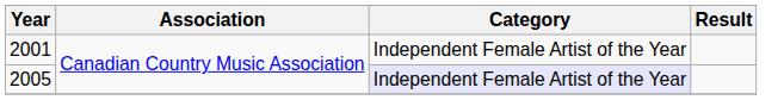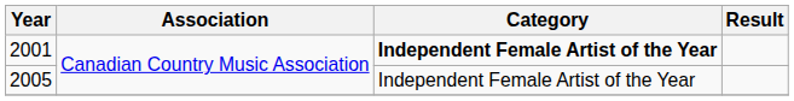 <table class="wikitable">
 <tr>
 <th>Year</th>
 <th>Association</th>
 <th>Category</th>
 <th>Result</th>
 </tr>
 <tr>
 <td>2001</td>
 <td rowspan="2"><a href='#'>Canadian Country Music Association</a></td>
-<td>Independent Female Artist of the Year</td>
+<td><strong>Independent Female Artist of the Year</strong></td>
 <td></td>
 </tr>
 <tr>
 <td>2005</td>
-<td style="background: lavender;">Independent Female Artist of the Year</td>
+<td>Independent Female Artist of the Year</td>
 <td></td>
 </tr>
 <tr>
 </tr>
 </table>
